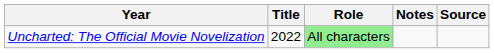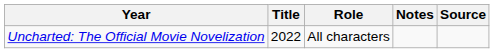 <table class="wikitable sortable">
 <tr>
 <th>Year</th>
 <th>Title</th>
 <th>Role</th>
 <th class="unsortable">Notes</th>
 <th class="unsortable">Source</th>
 </tr>
 <tr>
 <td><em><a href='#'>Uncharted: The Official Movie Novelization</a></em></td>
 <td>2022</td>
-<td style="background: lightgreen;">All characters</td>
+<td>All characters</td>
 <td></td>
 <td></td>
 </tr>
 </table>
